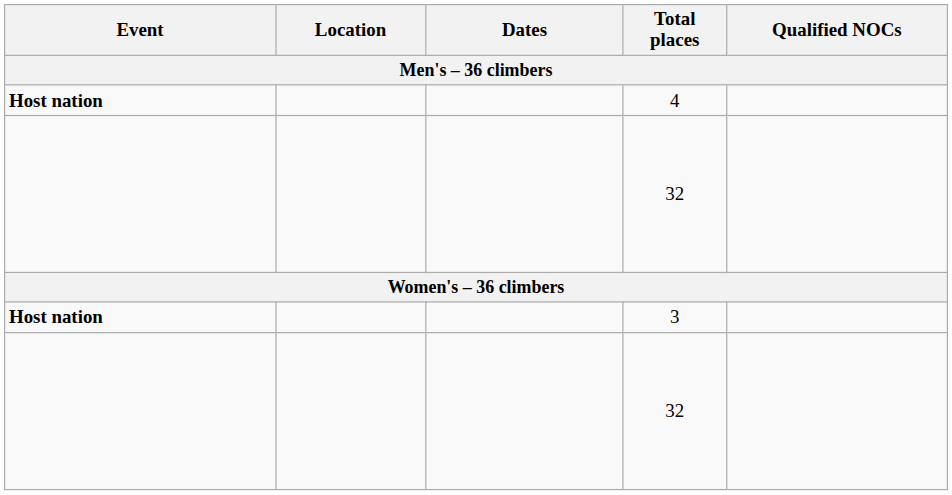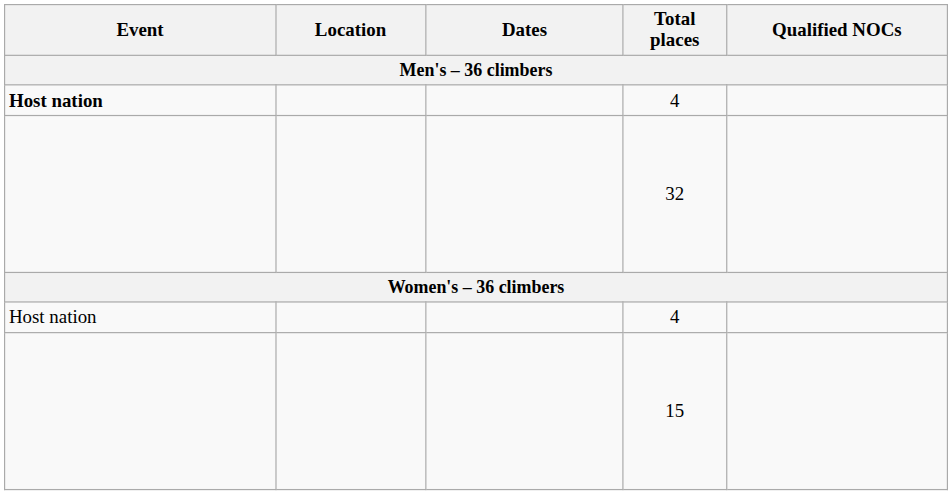 <table class="wikitable" width=800>
 <tr>
 <th>Event</th>
 <th width=120>Location</th>
 <th width=160>Dates</th>
 <th width=80>Total places</th>
 <th width=180>Qualified NOCs</th>
 </tr>
 <tr style="font-size:95%;">
 <th colspan=5>Men's – 36 climbers</th>
 </tr>
 <tr>
 <td><strong>Host nation</strong></td>
 <td></td>
 <td></td>
 <td align="center">4</td>
 <td></td>
 </tr>
 <tr>
 <td></td>
 <td></td>
 <td align="center"></td>
 <td align="center">32</td>
 <td><br><br><br><br><br><br><br></td>
 </tr>
 <tr style="font-size:95%;">
 <th colspan=5>Women's – 36 climbers</th>
 </tr>
 <tr>
-<td><strong>Host nation</strong></td>
+<td>Host nation</td>
 <td></td>
 <td></td>
-<td align="center">3</td>
+<td align="center">4</td>
 <td></td>
 </tr>
 <tr>
 <td></td>
 <td></td>
 <td align="center"></td>
-<td align="center">32</td>
+<td align="center">15</td>
 <td><br><br><br><br><br><br><br></td>
 </tr>
 </table>
